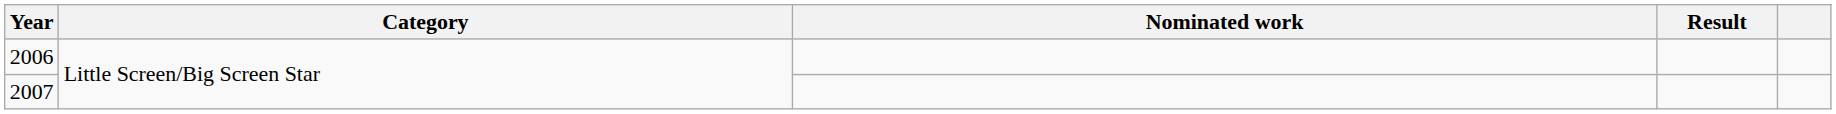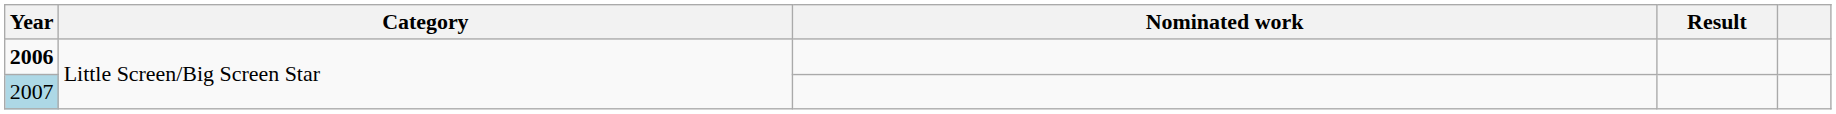 <table class=wikitable>
 <tr>
 <th scope="col" style="width:1em;">Year</th>
 <th scope="col" style="width:33em;">Category</th>
 <th scope="col" style="width:39em;">Nominated work</th>
 <th scope="col" style="width:5em;">Result</th>
 <th scope="col" style="width:2em;"></th>
 </tr>
 <tr>
-<td>2006</td>
+<td><strong>2006</strong></td>
 <td rowspan="2">Little Screen/Big Screen Star</td>
 <td></td>
 <td></td>
 <td></td>
 </tr>
 <tr>
-<td>2007</td>
+<td style="background: lightblue;">2007</td>
 <td></td>
 <td></td>
 <td></td>
 </tr>
 </table>
